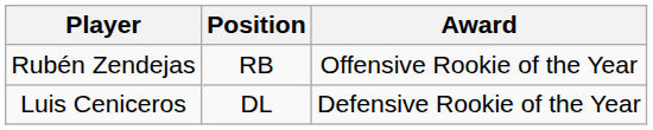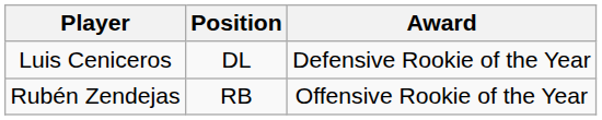 <table class="wikitable" style="text-align:center">
 <tr>
 <th>Player</th>
 <th>Position</th>
 <th>Award</th>
 </tr>
 <tr>
+<td>Luis Ceniceros</td>
+<td>DL</td>
+<td>Defensive Rookie of the Year</td>
+</tr>
+<tr>
 <td>Rubén Zendejas</td>
 <td>RB</td>
 <td>Offensive Rookie of the Year</td>
 </tr>
-<tr>
-<td>Luis Ceniceros</td>
-<td>DL</td>
-<td>Defensive Rookie of the Year</td>
-</tr>
 </table>
